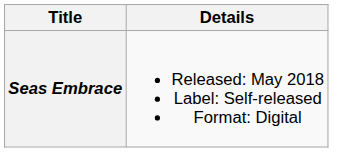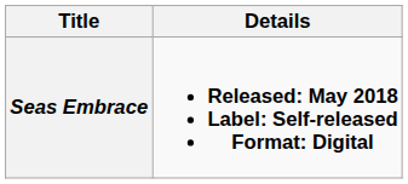 <table class="wikitable plainrowheaders" style="text-align:center;" border="1">
 <tr>
 <th scope="col">Title</th>
 <th scope="col">Details</th>
 </tr>
 <tr>
 <th scope="row"><em>Seas Embrace</em></th>
-<td><br><ul><li>Released: May 2018</li><li>Label: Self-released</li><li>Format: Digital</li></ul></td>
+<td><strong><br><ul><li>Released: May 2018</li><li>Label: Self-released</li><li>Format: Digital</li></ul></strong></td>
 </tr>
 </table>
